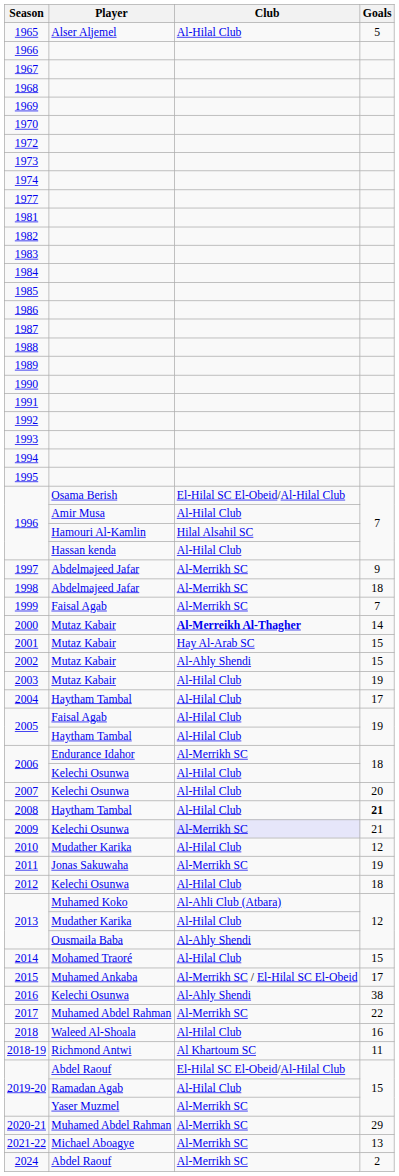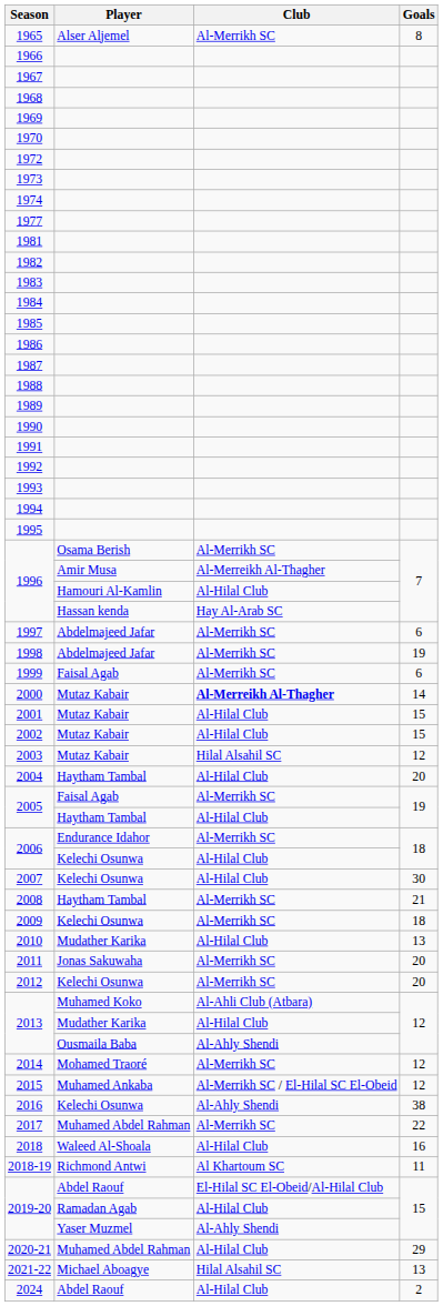 <table class="wikitable sortable">
 <tr>
 <th>Season</th>
 <th>Player</th>
 <th>Club</th>
 <th>Goals</th>
 </tr>
 <tr>
 <td align="center"><a href='#'>1965</a></td>
 <td>  <a href='#'>Alser Aljemel</a></td>
-<td><a href='#'>Al-Hilal Club</a></td>
-<td align ="Center">5</td>
+<td><a href='#'>Al-Merrikh SC</a></td>
+<td align ="Center">8</td>
 </tr>
 <tr>
 <td align="center"><a href='#'>1966</a></td>
 <td></td>
 <td></td>
 <td></td>
 </tr>
 <tr>
 <td align="center"><a href='#'>1967</a></td>
 <td></td>
 <td></td>
 <td></td>
 </tr>
 <tr>
 <td align="center"><a href='#'>1968</a></td>
 <td></td>
 <td></td>
 <td></td>
 </tr>
 <tr>
 <td align="center"><a href='#'>1969</a></td>
 <td></td>
 <td></td>
 <td></td>
 </tr>
 <tr>
 <td align="center"><a href='#'>1970</a></td>
 <td></td>
 <td></td>
 <td></td>
 </tr>
 <tr>
 <td align="center"><a href='#'>1972</a></td>
 <td></td>
 <td></td>
 <td></td>
 </tr>
 <tr>
 <td align="center"><a href='#'>1973</a></td>
 <td></td>
 <td></td>
 <td></td>
 </tr>
 <tr>
 <td align="center"><a href='#'>1974</a></td>
 <td></td>
 <td></td>
 <td></td>
 </tr>
 <tr>
 <td align="center"><a href='#'>1977</a></td>
 <td></td>
 <td></td>
 <td></td>
 </tr>
 <tr>
 <td align="center"><a href='#'>1981</a></td>
 <td></td>
 <td></td>
 <td></td>
 </tr>
 <tr>
 <td align="center"><a href='#'>1982</a></td>
 <td></td>
 <td></td>
 <td></td>
 </tr>
 <tr>
 <td align="center"><a href='#'>1983</a></td>
 <td></td>
 <td></td>
 <td></td>
 </tr>
 <tr>
 <td align="center"><a href='#'>1984</a></td>
 <td></td>
 <td></td>
 <td></td>
 </tr>
 <tr>
 <td align="center"><a href='#'>1985</a></td>
 <td></td>
 <td></td>
 <td></td>
 </tr>
 <tr>
 <td align="center"><a href='#'>1986</a></td>
 <td></td>
 <td></td>
 <td></td>
 </tr>
 <tr>
 <td align="center"><a href='#'>1987</a></td>
 <td></td>
 <td></td>
 <td></td>
 </tr>
 <tr>
 <td align="center"><a href='#'>1988</a></td>
 <td></td>
 <td></td>
 <td></td>
 </tr>
 <tr>
 <td align ="center"><a href='#'>1989</a></td>
 <td></td>
 <td></td>
 <td></td>
 </tr>
 <tr>
 <td align ="center"><a href='#'>1990</a></td>
 <td></td>
 <td></td>
 <td></td>
 </tr>
 <tr>
 <td align ="center"><a href='#'>1991</a></td>
 <td></td>
 <td></td>
 <td></td>
 </tr>
 <tr>
 <td align ="center"><a href='#'>1992</a></td>
 <td></td>
 <td></td>
 <td></td>
 </tr>
 <tr>
 <td align="center"><a href='#'>1993</a></td>
 <td></td>
 <td></td>
 <td></td>
 </tr>
 <tr>
 <td align="center"><a href='#'>1994</a></td>
 <td></td>
 <td></td>
 <td></td>
 </tr>
 <tr>
 <td align="center"><a href='#'>1995</a></td>
 <td></td>
 <td></td>
 <td></td>
 </tr>
 <tr>
 <td rowspan="4" align="center"><a href='#'>1996</a></td>
 <td> <a href='#'>Osama Berish</a></td>
-<td><a href='#'>El-Hilal SC El-Obeid</a>/<a href='#'>Al-Hilal Club</a></td>
+<td><a href='#'>Al-Merrikh SC</a></td>
 <td rowspan="4" align="center">7</td>
 </tr>
 <tr>
 <td> <a href='#'>Amir Musa</a></td>
+<td><a href='#'>Al-Merreikh Al-Thagher</a></td>
+</tr>
+<tr>
+<td> <a href='#'>Hamouri Al-Kamlin</a></td>
 <td><a href='#'>Al-Hilal Club</a></td>
 </tr>
 <tr>
-<td> <a href='#'>Hamouri Al-Kamlin</a></td>
-<td><a href='#'>Hilal Alsahil SC</a></td>
-</tr>
-<tr>
 <td> <a href='#'>Hassan kenda</a></td>
-<td><a href='#'>Al-Hilal Club</a></td>
+<td><a href='#'>Hay Al-Arab SC</a></td>
 </tr>
 <tr>
 <td align="center"><a href='#'>1997</a></td>
 <td> <a href='#'>Abdelmajeed Jafar</a></td>
 <td><a href='#'>Al-Merrikh SC</a></td>
-<td align="center">9</td>
+<td align="center">6</td>
 </tr>
 <tr>
 <td align="center"><a href='#'>1998</a></td>
 <td> <a href='#'>Abdelmajeed Jafar</a></td>
 <td><a href='#'>Al-Merrikh SC</a></td>
-<td align="center">18</td>
+<td align="center">19</td>
 </tr>
 <tr>
 <td align="center"><a href='#'>1999</a></td>
 <td> <a href='#'>Faisal Agab</a></td>
 <td><a href='#'>Al-Merrikh SC</a></td>
-<td align="center">7</td>
+<td align="center">6</td>
 </tr>
 <tr>
 <td align="center"><a href='#'>2000</a></td>
 <td> <a href='#'>Mutaz Kabair</a></td>
 <td><strong><a href='#'>Al-Merreikh Al-Thagher</a></strong></td>
 <td align="center">14</td>
 </tr>
 <tr>
 <td align="center"><a href='#'>2001</a></td>
 <td> <a href='#'>Mutaz Kabair</a></td>
-<td><a href='#'>Hay Al-Arab SC</a></td>
+<td><a href='#'>Al-Hilal Club</a></td>
 <td align="center">15</td>
 </tr>
 <tr>
 <td align="center"><a href='#'>2002</a></td>
 <td> <a href='#'>Mutaz Kabair</a></td>
-<td><a href='#'>Al-Ahly Shendi</a></td>
+<td><a href='#'>Al-Hilal Club</a></td>
 <td align="center">15</td>
 </tr>
 <tr>
 <td align="center"><a href='#'>2003</a></td>
 <td> <a href='#'>Mutaz Kabair</a></td>
-<td><a href='#'>Al-Hilal Club</a></td>
-<td align="center">19</td>
+<td><a href='#'>Hilal Alsahil SC</a></td>
+<td align="center">12</td>
 </tr>
 <tr>
 <td align="center"><a href='#'>2004</a></td>
 <td> <a href='#'>Haytham Tambal</a></td>
 <td><a href='#'>Al-Hilal Club</a></td>
-<td align="center">17</td>
+<td align="center">20</td>
 </tr>
 <tr>
 <td rowspan="2" align="center"><a href='#'>2005</a></td>
 <td> <a href='#'>Faisal Agab</a></td>
-<td><a href='#'>Al-Hilal Club</a></td>
+<td><a href='#'>Al-Merrikh SC</a></td>
 <td rowspan="2" align="center">19</td>
 </tr>
 <tr>
 <td> <a href='#'>Haytham Tambal</a></td>
 <td><a href='#'>Al-Hilal Club</a></td>
 </tr>
 <tr>
 <td rowspan="2" align="center"><a href='#'>2006</a></td>
 <td> <a href='#'>Endurance Idahor</a></td>
 <td><a href='#'>Al-Merrikh SC</a></td>
 <td rowspan="2" align="center">18</td>
 </tr>
 <tr>
 <td> <a href='#'>Kelechi Osunwa</a></td>
 <td><a href='#'>Al-Hilal Club</a></td>
 </tr>
 <tr>
 <td align="center"><a href='#'>2007</a></td>
 <td> <a href='#'>Kelechi Osunwa</a></td>
 <td><a href='#'>Al-Hilal Club</a></td>
-<td align="center">20</td>
+<td align="center">30</td>
 </tr>
 <tr>
 <td align="center"><a href='#'>2008</a></td>
 <td> <a href='#'>Haytham Tambal</a></td>
-<td><a href='#'>Al-Hilal Club</a></td>
-<td align="center"><strong>21</strong></td>
+<td><a href='#'>Al-Merrikh SC</a></td>
+<td align="center">21</td>
 </tr>
 <tr>
 <td align="center"><a href='#'>2009</a></td>
 <td> <a href='#'>Kelechi Osunwa</a></td>
-<td style="background: lavender;"><a href='#'>Al-Merrikh SC</a></td>
-<td align="center">21</td>
+<td><a href='#'>Al-Merrikh SC</a></td>
+<td align="center">18</td>
 </tr>
 <tr>
 <td align="center"><a href='#'>2010</a></td>
 <td> <a href='#'>Mudather Karika</a></td>
 <td><a href='#'>Al-Hilal Club</a></td>
-<td align="center">12</td>
+<td align="center">13</td>
 </tr>
 <tr>
 <td align="center"><a href='#'>2011</a></td>
 <td> <a href='#'>Jonas Sakuwaha</a></td>
 <td><a href='#'>Al-Merrikh SC</a></td>
-<td align="center">19</td>
+<td align="center">20</td>
 </tr>
 <tr>
 <td align="center"><a href='#'>2012</a></td>
 <td> <a href='#'>Kelechi Osunwa</a></td>
-<td><a href='#'>Al-Hilal Club</a></td>
-<td align=" center">18</td>
+<td><a href='#'>Al-Merrikh SC</a></td>
+<td align=" center">20</td>
 </tr>
 <tr>
 <td rowspan="3" align="center"><a href='#'>2013</a></td>
 <td> <a href='#'>Muhamed Koko</a></td>
 <td><a href='#'>Al-Ahli Club (Atbara)</a></td>
 <td rowspan="3" align ="center">12</td>
 </tr>
 <tr>
 <td>  <a href='#'>Mudather Karika</a></td>
 <td><a href='#'>Al-Hilal Club</a></td>
 </tr>
 <tr>
 <td>  <a href='#'>Ousmaila Baba</a></td>
 <td><a href='#'>Al-Ahly Shendi</a></td>
 </tr>
 <tr>
 <td align="center"><a href='#'>2014</a></td>
 <td> <a href='#'>Mohamed Traoré</a></td>
-<td><a href='#'>Al-Hilal Club</a></td>
-<td align="center">15</td>
+<td><a href='#'>Al-Merrikh SC</a></td>
+<td align="center">12</td>
 </tr>
 <tr>
 <td align="center"><a href='#'>2015</a></td>
 <td> <a href='#'>Muhamed Ankaba</a></td>
 <td><a href='#'>Al-Merrikh SC</a> / <a href='#'>El-Hilal SC El-Obeid</a></td>
-<td align="center">17</td>
+<td align="center">12</td>
 </tr>
 <tr>
 <td align="center"><a href='#'>2016</a></td>
 <td> <a href='#'>Kelechi Osunwa</a></td>
 <td><a href='#'>Al-Ahly Shendi</a></td>
 <td align="center">38</td>
 </tr>
 <tr>
 <td align="center"><a href='#'>2017</a></td>
 <td> <a href='#'>Muhamed Abdel Rahman</a></td>
 <td><a href='#'>Al-Merrikh SC</a></td>
 <td align="center">22</td>
 </tr>
 <tr>
 <td align="center"><a href='#'>2018</a></td>
 <td>  <a href='#'>Waleed Al-Shoala</a></td>
 <td><a href='#'>Al-Hilal Club</a></td>
 <td align="center">16</td>
 </tr>
 <tr>
 <td align="center"><a href='#'>2018-19</a></td>
 <td> <a href='#'>Richmond Antwi</a></td>
 <td><a href='#'>Al Khartoum SC</a></td>
 <td align="center">11</td>
 </tr>
 <tr>
 <td rowspan="3" align="center"><a href='#'>2019-20</a></td>
 <td> <a href='#'>Abdel Raouf</a></td>
 <td><a href='#'>El-Hilal SC El-Obeid</a>/<a href='#'>Al-Hilal Club</a></td>
 <td rowspan="3" align="Center">15</td>
 </tr>
 <tr>
 <td> <a href='#'>Ramadan Agab</a></td>
 <td><a href='#'>Al-Hilal Club</a></td>
 </tr>
 <tr>
 <td> <a href='#'>Yaser Muzmel</a></td>
-<td><a href='#'>Al-Merrikh SC</a></td>
+<td><a href='#'>Al-Ahly Shendi</a></td>
 </tr>
 <tr>
 <td align="center"><a href='#'>2020-21</a></td>
 <td> <a href='#'>Muhamed Abdel Rahman</a></td>
-<td><a href='#'>Al-Merrikh SC</a></td>
+<td><a href='#'>Al-Hilal Club</a></td>
 <td align="center">29</td>
 </tr>
 <tr>
 <td align="center"><a href='#'>2021-22</a></td>
 <td> <a href='#'>Michael Aboagye</a></td>
-<td><a href='#'>Al-Merrikh SC</a></td>
+<td><a href='#'>Hilal Alsahil SC</a></td>
 <td align="Center">13</td>
 </tr>
 <tr>
 <td align="center"><a href='#'>2024</a></td>
 <td> <a href='#'>Abdel Raouf</a></td>
-<td><a href='#'>Al-Merrikh SC</a></td>
+<td><a href='#'>Al-Hilal Club</a></td>
 <td align="Center">2</td>
 </tr>
 </table>
